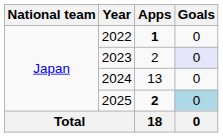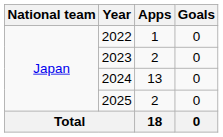 <table class="wikitable" style="text-align:center">
 <tr>
 <th>National team</th>
 <th>Year</th>
 <th>Apps</th>
 <th>Goals</th>
 </tr>
 <tr>
 <td rowspan="4"><a href='#'>Japan</a></td>
 <td>2022</td>
-<td><strong>1</strong></td>
+<td>1</td>
 <td>0</td>
 </tr>
 <tr>
 <td>2023</td>
 <td>2</td>
-<td style="background: lavender;">0</td>
+<td>0</td>
 </tr>
 <tr>
 <td>2024</td>
 <td>13</td>
 <td>0</td>
 </tr>
 <tr>
 <td>2025</td>
-<td><strong>2</strong></td>
-<td style="background: lightblue;">0</td>
+<td>2</td>
+<td>0</td>
 </tr>
 <tr>
 <th colspan="2">Total</th>
 <th>18</th>
 <th>0</th>
 </tr>
 </table>
